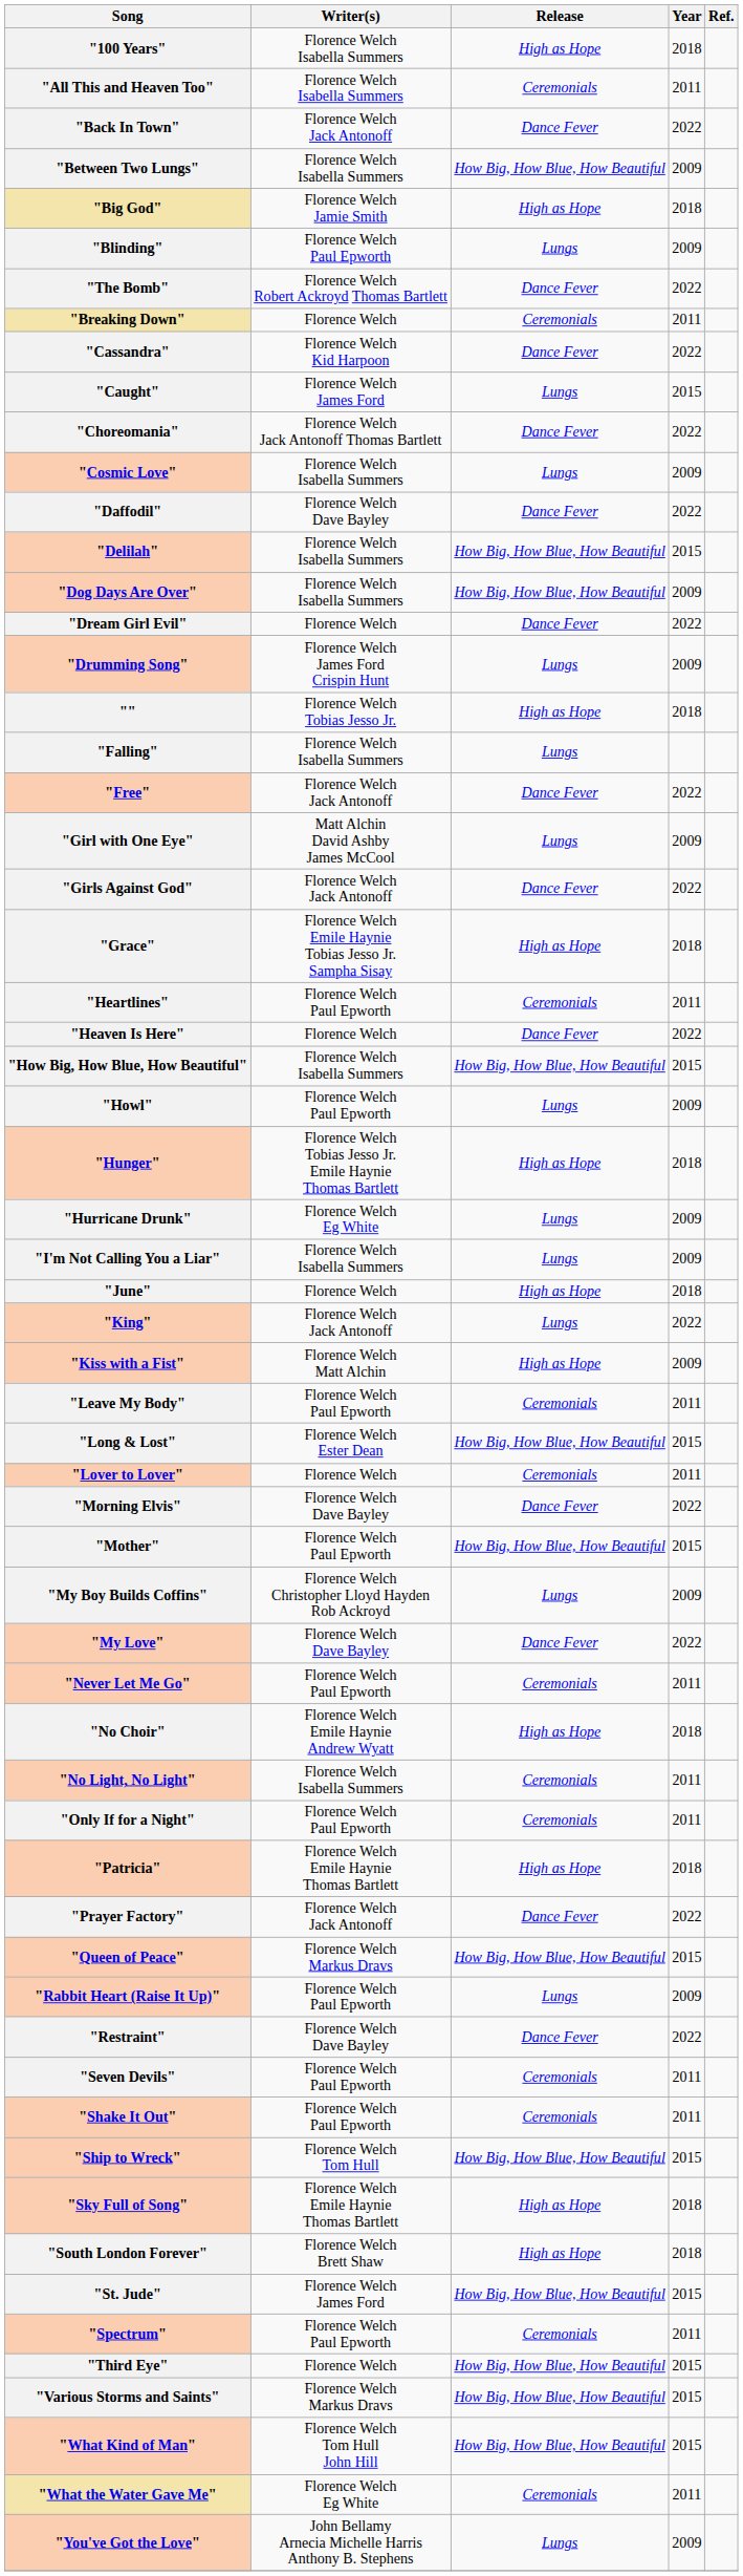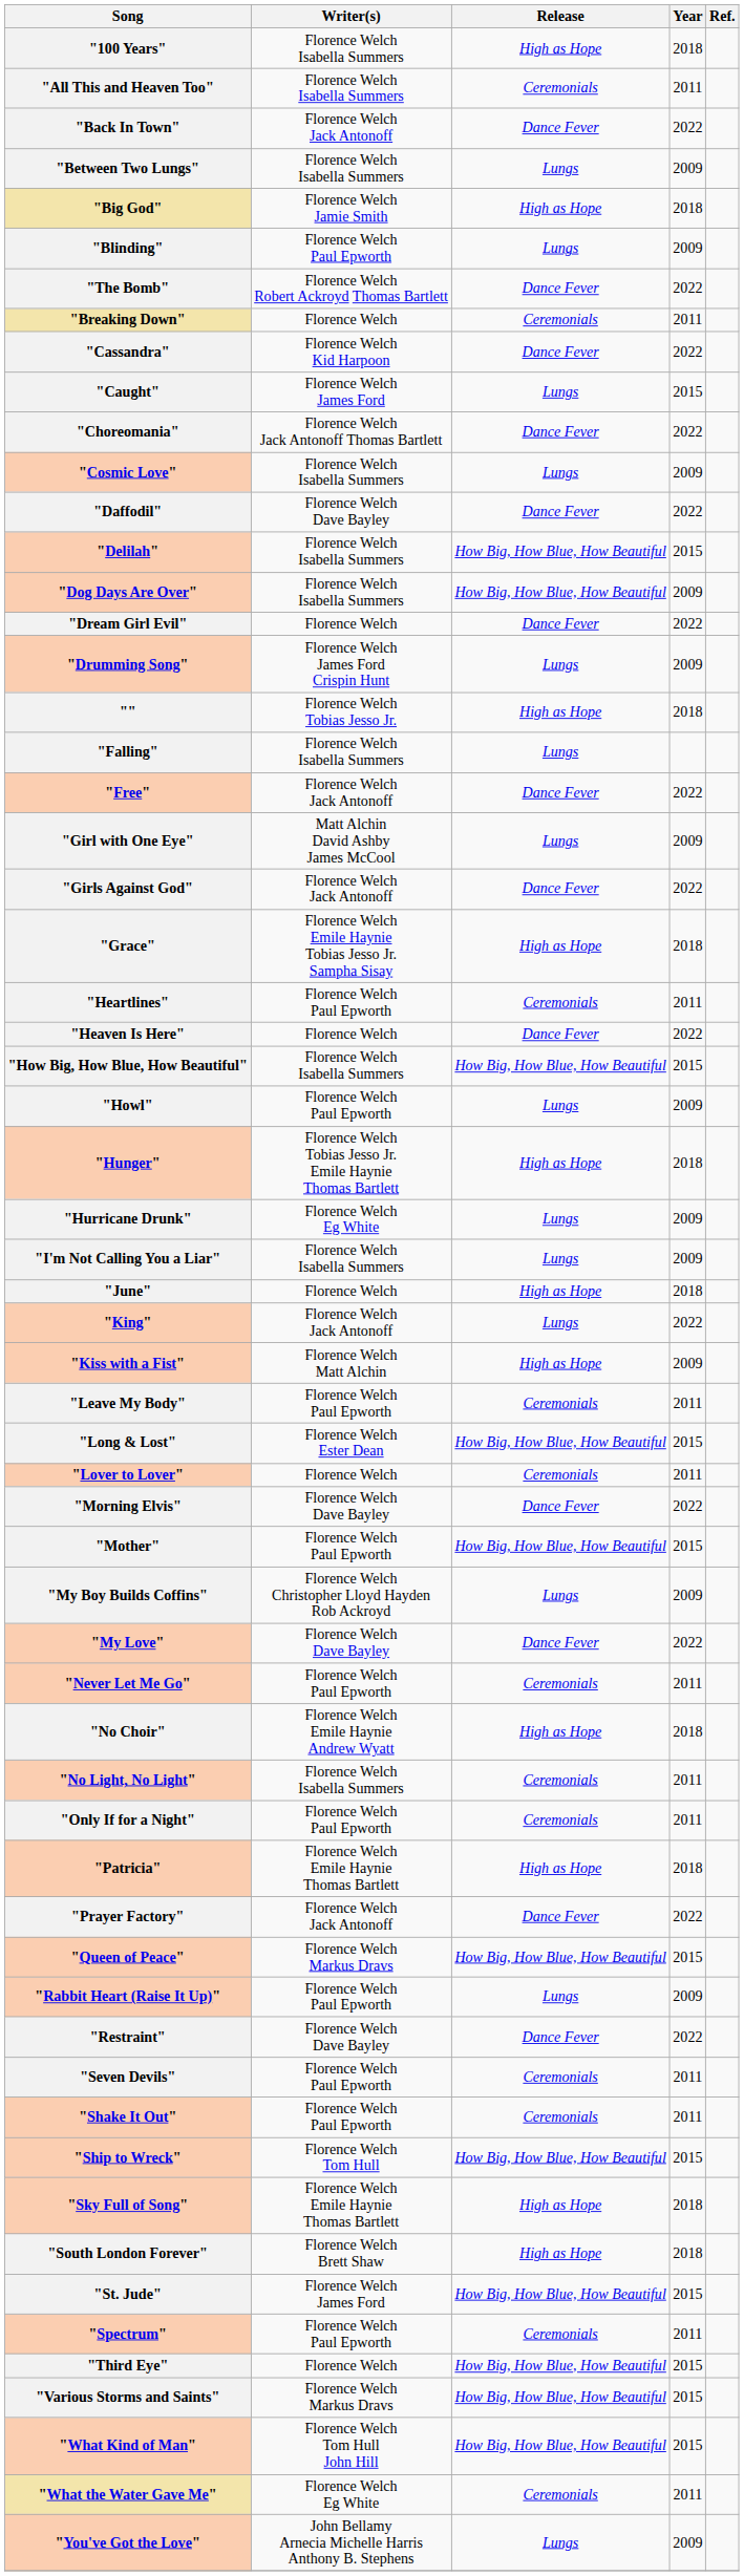 <table class="wikitable sortable plainrowheaders" style="text-align:center;">
 <tr>
 <th scope="col">Song</th>
 <th scope="col" class="unsortable">Writer(s)</th>
 <th scope="col">Release</th>
 <th scope="col">Year</th>
 <th scope="col" class="unsortable">Ref.</th>
 </tr>
 <tr>
 <th scope="row"> "100 Years"</th>
 <td>Florence Welch<br>Isabella Summers</td>
 <td><em><a href='#'>High as Hope</a></em></td>
 <td>2018</td>
 <td></td>
 </tr>
 <tr>
 <th scope="row"> "All This and Heaven Too"</th>
 <td>Florence Welch<br><a href='#'>Isabella Summers</a></td>
 <td><em><a href='#'>Ceremonials</a></em></td>
 <td>2011</td>
 <td></td>
 </tr>
 <tr>
 <th scope="row">"Back In Town"</th>
 <td>Florence Welch<br><a href='#'>Jack Antonoff</a></td>
 <td><em><a href='#'>Dance Fever</a></em></td>
 <td>2022</td>
 <td></td>
 </tr>
 <tr>
 <th scope="row"> "Between Two Lungs"</th>
 <td>Florence Welch<br>Isabella Summers</td>
-<td><em><a href='#'>How Big, How Blue, How Beautiful</a></em></td>
+<td><em><a href='#'>Lungs</a></em></td>
 <td>2009</td>
 <td></td>
 </tr>
 <tr>
 <th scope="row" style="background-color:#F3E5AB">"Big God" </th>
 <td>Florence Welch<br><a href='#'>Jamie Smith</a></td>
 <td><em><a href='#'>High as Hope</a></em></td>
 <td>2018</td>
 <td></td>
 </tr>
 <tr>
 <th scope="row">"Blinding"</th>
 <td>Florence Welch<br><a href='#'>Paul Epworth</a></td>
 <td><em><a href='#'>Lungs</a></em></td>
 <td>2009</td>
 <td></td>
 </tr>
 <tr>
 <th scope="row">"The Bomb"</th>
 <td>Florence Welch<br><a href='#'>Robert Ackroyd</a> <a href='#'>Thomas Bartlett</a></td>
 <td><em><a href='#'>Dance Fever</a></em></td>
 <td>2022</td>
 <td></td>
 </tr>
 <tr>
 <th scope="row" style="background-color:#F3E5AB">"Breaking Down" </th>
 <td>Florence Welch</td>
 <td><em><a href='#'>Ceremonials</a></em></td>
 <td>2011</td>
 <td></td>
 </tr>
 <tr>
 <th scope="row">"Cassandra"</th>
 <td>Florence Welch<br><a href='#'>Kid Harpoon</a></td>
 <td><em><a href='#'>Dance Fever</a></em></td>
 <td>2022</td>
 <td></td>
 </tr>
 <tr>
 <th scope="row"> "Caught"</th>
 <td>Florence Welch<br><a href='#'>James Ford</a></td>
 <td><em><a href='#'>Lungs</a></em></td>
 <td>2015</td>
 <td></td>
 </tr>
 <tr>
 <th scope="row">"Choreomania"</th>
 <td>Florence Welch<br>Jack Antonoff Thomas Bartlett</td>
 <td><em><a href='#'>Dance Fever</a></em></td>
 <td>2022</td>
 <td></td>
 </tr>
 <tr>
 <th scope="row" style="background-color:#FBCEB1">"<a href='#'>Cosmic Love</a>" </th>
 <td>Florence Welch<br>Isabella Summers</td>
 <td><em><a href='#'>Lungs</a></em></td>
 <td>2009</td>
 <td></td>
 </tr>
 <tr>
 <th scope="row">"Daffodil"</th>
 <td>Florence Welch<br>Dave Bayley</td>
 <td><em><a href='#'>Dance Fever</a></em></td>
 <td>2022</td>
 <td></td>
 </tr>
 <tr>
 <th scope="row" style="background-color:#FBCEB1"> "<a href='#'>Delilah</a>" </th>
 <td>Florence Welch<br>Isabella Summers</td>
 <td><em><a href='#'>How Big, How Blue, How Beautiful</a></em></td>
 <td>2015</td>
 <td></td>
 </tr>
 <tr>
 <th scope="row" style="background-color:#FBCEB1">"<a href='#'>Dog Days Are Over</a>" </th>
 <td>Florence Welch<br>Isabella Summers</td>
 <td><em><a href='#'>How Big, How Blue, How Beautiful</a></em></td>
 <td>2009</td>
 <td></td>
 </tr>
 <tr>
 <th scope="row">"Dream Girl Evil"</th>
 <td>Florence Welch</td>
 <td><em><a href='#'>Dance Fever</a></em></td>
 <td>2022</td>
 <td></td>
 </tr>
 <tr>
 <th scope="row" style="background-color:#FBCEB1">"<a href='#'>Drumming Song</a>" </th>
 <td>Florence Welch<br>James Ford<br><a href='#'>Crispin Hunt</a></td>
 <td><em><a href='#'>Lungs</a></em></td>
 <td>2009</td>
 <td></td>
 </tr>
 <tr>
 <th scope="row"> ""</th>
 <td>Florence Welch<br><a href='#'>Tobias Jesso Jr.</a></td>
 <td><em><a href='#'>High as Hope</a></em></td>
 <td>2018</td>
 <td></td>
 </tr>
 <tr>
 <th scope="row">"Falling"</th>
 <td>Florence Welch<br>Isabella Summers</td>
 <td><em><a href='#'>Lungs</a></em></td>
 <td></td>
 <td></td>
 </tr>
 <tr>
 <th scope="row" style="background-color:#FBCEB1">"<a href='#'>Free</a>" </th>
 <td>Florence Welch<br>Jack Antonoff</td>
 <td><em><a href='#'>Dance Fever</a></em></td>
 <td>2022</td>
 <td></td>
 </tr>
 <tr>
 <th scope="row"> "Girl with One Eye"</th>
 <td>Matt Alchin<br>David Ashby<br>James McCool</td>
 <td><em><a href='#'>Lungs</a></em></td>
 <td>2009</td>
 <td></td>
 </tr>
 <tr>
 <th scope="row">"Girls Against God"</th>
 <td>Florence Welch<br>Jack Antonoff</td>
 <td><em><a href='#'>Dance Fever</a></em></td>
 <td>2022</td>
 <td></td>
 </tr>
 <tr>
 <th scope="row">"Grace"</th>
 <td>Florence Welch<br><a href='#'>Emile Haynie</a><br>Tobias Jesso Jr.<br><a href='#'>Sampha Sisay</a></td>
 <td><em><a href='#'>High as Hope</a></em></td>
 <td>2018</td>
 <td></td>
 </tr>
 <tr>
 <th scope="row"> "Heartlines"</th>
 <td>Florence Welch<br>Paul Epworth</td>
 <td><em><a href='#'>Ceremonials</a></em></td>
 <td>2011</td>
 <td></td>
 </tr>
 <tr>
 <th scope="row">"Heaven Is Here"</th>
 <td>Florence Welch</td>
 <td><em><a href='#'>Dance Fever</a></em></td>
 <td>2022</td>
 <td></td>
 </tr>
 <tr>
 <th scope="row">"How Big, How Blue, How Beautiful"</th>
 <td>Florence Welch<br>Isabella Summers</td>
 <td><em><a href='#'>How Big, How Blue, How Beautiful</a></em></td>
 <td>2015</td>
 <td></td>
 </tr>
 <tr>
 <th scope="row">"Howl"</th>
 <td>Florence Welch<br>Paul Epworth</td>
 <td><em><a href='#'>Lungs</a></em></td>
 <td>2009</td>
 <td></td>
 </tr>
 <tr>
 <th scope="row" style="background-color:#FBCEB1">"<a href='#'>Hunger</a>" </th>
 <td>Florence Welch<br>Tobias Jesso Jr.<br>Emile Haynie<br><a href='#'>Thomas Bartlett</a></td>
 <td><em><a href='#'>High as Hope</a></em></td>
 <td>2018</td>
 <td></td>
 </tr>
 <tr>
 <th scope="row">"Hurricane Drunk"</th>
 <td>Florence Welch<br><a href='#'>Eg White</a></td>
 <td><em><a href='#'>Lungs</a></em></td>
 <td>2009</td>
 <td></td>
 </tr>
 <tr>
 <th scope="row"> "I'm Not Calling You a Liar"</th>
 <td>Florence Welch<br>Isabella Summers</td>
 <td><em><a href='#'>Lungs</a></em></td>
 <td>2009</td>
 <td></td>
 </tr>
 <tr>
 <th scope="row"> "June"</th>
 <td>Florence Welch</td>
 <td><em><a href='#'>High as Hope</a></em></td>
 <td>2018</td>
 <td></td>
 </tr>
 <tr>
 <th scope="row" style="background-color:#FBCEB1">"<a href='#'>King</a>" </th>
 <td>Florence Welch<br>Jack Antonoff</td>
 <td><em><a href='#'>Lungs</a></em></td>
 <td>2022</td>
 <td></td>
 </tr>
 <tr>
 <th scope="row" style="background-color:#FBCEB1"> "<a href='#'>Kiss with a Fist</a>" </th>
 <td>Florence Welch<br>Matt Alchin</td>
 <td><em><a href='#'>High as Hope</a></em></td>
 <td>2009</td>
 <td></td>
 </tr>
 <tr>
 <th scope="row"> "Leave My Body"</th>
 <td>Florence Welch<br>Paul Epworth</td>
 <td><em><a href='#'>Ceremonials</a></em></td>
 <td>2011</td>
 <td></td>
 </tr>
 <tr>
 <th scope="row">"Long & Lost"</th>
 <td>Florence Welch<br><a href='#'>Ester Dean</a></td>
 <td><em><a href='#'>How Big, How Blue, How Beautiful</a></em></td>
 <td>2015</td>
 <td></td>
 </tr>
 <tr>
 <th scope="row" style="background-color:#FBCEB1">"<a href='#'>Lover to Lover</a>" </th>
 <td>Florence Welch</td>
 <td><em><a href='#'>Ceremonials</a></em></td>
 <td>2011</td>
 <td></td>
 </tr>
 <tr>
 <th scope="row">"Morning Elvis"</th>
 <td>Florence Welch<br>Dave Bayley</td>
 <td><em><a href='#'>Dance Fever</a></em></td>
 <td>2022</td>
 <td></td>
 </tr>
 <tr>
 <th scope="row"> "Mother"</th>
 <td>Florence Welch<br>Paul Epworth</td>
 <td><em><a href='#'>How Big, How Blue, How Beautiful</a></em></td>
 <td>2015</td>
 <td></td>
 </tr>
 <tr>
 <th scope="row">"My Boy Builds Coffins"</th>
 <td>Florence Welch<br>Christopher Lloyd Hayden<br>Rob Ackroyd</td>
 <td><em><a href='#'>Lungs</a></em></td>
 <td>2009</td>
 <td></td>
 </tr>
 <tr>
 <th scope="row" style="background-color:#FBCEB1">"<a href='#'>My Love</a>" </th>
 <td>Florence Welch<br><a href='#'>Dave Bayley</a></td>
 <td><em><a href='#'>Dance Fever</a></em></td>
 <td>2022</td>
 <td></td>
 </tr>
 <tr>
 <th scope="row" style="background-color:#FBCEB1"> "<a href='#'>Never Let Me Go</a>" </th>
 <td>Florence Welch<br>Paul Epworth</td>
 <td><em><a href='#'>Ceremonials</a></em></td>
 <td>2011</td>
 <td></td>
 </tr>
 <tr>
 <th scope="row">"No Choir"</th>
 <td>Florence Welch<br>Emile Haynie<br><a href='#'>Andrew Wyatt</a></td>
 <td><em><a href='#'>High as Hope</a></em></td>
 <td>2018</td>
 <td></td>
 </tr>
 <tr>
 <th scope="row" style="background-color:#FBCEB1">"<a href='#'>No Light, No Light</a>" </th>
 <td>Florence Welch<br>Isabella Summers</td>
 <td><em><a href='#'>Ceremonials</a></em></td>
 <td>2011</td>
 <td></td>
 </tr>
 <tr>
 <th scope="row"> "Only If for a Night"</th>
 <td>Florence Welch<br>Paul Epworth</td>
 <td><em><a href='#'>Ceremonials</a></em></td>
 <td>2011</td>
 <td></td>
 </tr>
 <tr>
 <th scope="row" style="background-color:#FBCEB1"> "Patricia" </th>
 <td>Florence Welch<br>Emile Haynie<br>Thomas Bartlett</td>
 <td><em><a href='#'>High as Hope</a></em></td>
 <td>2018</td>
 <td></td>
 </tr>
 <tr>
 <th scope="row">"Prayer Factory"</th>
 <td>Florence Welch<br>Jack Antonoff</td>
 <td><em><a href='#'>Dance Fever</a></em></td>
 <td>2022</td>
 <td></td>
 </tr>
 <tr>
 <th scope="row" style="background-color:#FBCEB1"> "<a href='#'>Queen of Peace</a>" </th>
 <td>Florence Welch<br><a href='#'>Markus Dravs</a></td>
 <td><em><a href='#'>How Big, How Blue, How Beautiful</a></em></td>
 <td>2015</td>
 <td></td>
 </tr>
 <tr>
 <th scope="row" style="background-color:#FBCEB1"> "<a href='#'>Rabbit Heart (Raise It Up)</a>" </th>
 <td>Florence Welch<br>Paul Epworth</td>
 <td><em><a href='#'>Lungs</a></em></td>
 <td>2009</td>
 <td></td>
 </tr>
 <tr>
 <th scope="row">"Restraint"</th>
 <td>Florence Welch<br>Dave Bayley</td>
 <td><em><a href='#'>Dance Fever</a></em></td>
 <td>2022</td>
 <td></td>
 </tr>
 <tr>
 <th scope="row"> "Seven Devils"</th>
 <td>Florence Welch<br>Paul Epworth</td>
 <td><em><a href='#'>Ceremonials</a></em></td>
 <td>2011</td>
 <td></td>
 </tr>
 <tr>
 <th scope="row" style="background-color:#FBCEB1">"<a href='#'>Shake It Out</a>" </th>
 <td>Florence Welch<br>Paul Epworth</td>
 <td><em><a href='#'>Ceremonials</a></em></td>
 <td>2011</td>
 <td></td>
 </tr>
 <tr>
 <th scope="row" style="background-color:#FBCEB1">"<a href='#'>Ship to Wreck</a>" </th>
 <td>Florence Welch<br><a href='#'>Tom Hull</a></td>
 <td><em><a href='#'>How Big, How Blue, How Beautiful</a></em></td>
 <td>2015</td>
 <td></td>
 </tr>
 <tr>
 <th scope="row" style="background-color:#FBCEB1">"<a href='#'>Sky Full of Song</a>" </th>
 <td>Florence Welch<br>Emile Haynie<br>Thomas Bartlett</td>
 <td><em><a href='#'>High as Hope</a></em></td>
 <td>2018</td>
 <td></td>
 </tr>
 <tr>
 <th scope="row">"South London Forever"</th>
 <td>Florence Welch<br>Brett Shaw</td>
 <td><em><a href='#'>High as Hope</a></em></td>
 <td>2018</td>
 <td></td>
 </tr>
 <tr>
 <th scope="row">"St. Jude"</th>
 <td>Florence Welch<br>James Ford</td>
 <td><em><a href='#'>How Big, How Blue, How Beautiful</a></em></td>
 <td>2015</td>
 <td></td>
 </tr>
 <tr>
 <th scope="row" style="background-color:#FBCEB1">"<a href='#'>Spectrum</a>" </th>
 <td>Florence Welch<br>Paul Epworth</td>
 <td><em><a href='#'>Ceremonials</a></em></td>
 <td>2011</td>
 <td></td>
 </tr>
 <tr>
 <th scope="row"> "Third Eye"</th>
 <td>Florence Welch</td>
 <td><em><a href='#'>How Big, How Blue, How Beautiful</a></em></td>
 <td>2015</td>
 <td></td>
 </tr>
 <tr>
 <th scope="row"> "Various Storms and Saints"</th>
 <td>Florence Welch<br>Markus Dravs</td>
 <td><em><a href='#'>How Big, How Blue, How Beautiful</a></em></td>
 <td>2015</td>
 <td></td>
 </tr>
 <tr>
 <th scope="row" style="background-color:#FBCEB1"> "<a href='#'>What Kind of Man</a>" </th>
 <td>Florence Welch<br>Tom Hull<br><a href='#'>John Hill</a></td>
 <td><em><a href='#'>How Big, How Blue, How Beautiful</a></em></td>
 <td>2015</td>
 <td></td>
 </tr>
 <tr>
 <th scope="row" style="background-color:#F3E5AB">"<a href='#'>What the Water Gave Me</a>" </th>
 <td>Florence Welch<br>Eg White</td>
 <td><em><a href='#'>Ceremonials</a></em></td>
 <td>2011</td>
 <td></td>
 </tr>
 <tr>
 <th scope="row" style="background-color:#FBCEB1"> "<a href='#'>You've Got the Love</a>" </th>
 <td>John Bellamy<br>Arnecia Michelle Harris<br>Anthony B. Stephens</td>
 <td><em><a href='#'>Lungs</a></em></td>
 <td>2009</td>
 <td></td>
 </tr>
 <tr>
 </tr>
 </table>
